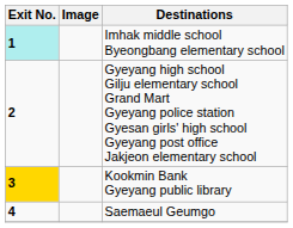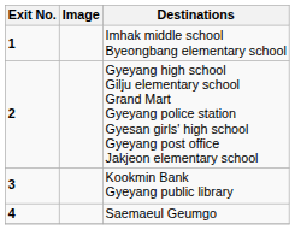 <table class="wikitable">
 <tr>
 <th>Exit No.</th>
 <th>Image</th>
 <th>Destinations</th>
 </tr>
 <tr>
-<td style="background: paleturquoise;"><strong>1</strong></td>
+<td><strong>1</strong></td>
 <td></td>
 <td>Imhak middle school<br>Byeongbang elementary school</td>
 </tr>
 <tr>
 <td><strong>2</strong></td>
 <td></td>
 <td>Gyeyang high school<br>Gilju elementary school<br>Grand Mart<br>Gyeyang police station<br>Gyesan girls' high school<br>Gyeyang post office<br>Jakjeon elementary school</td>
 </tr>
 <tr>
-<td style="background: gold;"><strong>3</strong></td>
+<td><strong>3</strong></td>
 <td></td>
 <td>Kookmin Bank<br>Gyeyang public library</td>
 </tr>
 <tr>
 <td><strong>4</strong></td>
 <td></td>
 <td>Saemaeul Geumgo</td>
 </tr>
 <tr>
 </tr>
 </table>
